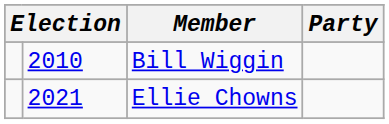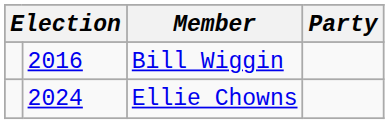 <table class="wikitable">
 <tr>
 <th colspan="2"><em>Election</em></th>
 <th><em>Member</em></th>
 <th><em>Party</em></th>
 </tr>
 <tr>
 <td style="color:inherit;background-color: "></td>
-<td><a href='#'>2010</a></td>
+<td><a href='#'>2016</a></td>
 <td><a href='#'>Bill Wiggin</a></td>
 <td></td>
 </tr>
 <tr>
 <td style="color:inherit;background-color: "></td>
-<td><a href='#'>2021</a></td>
+<td><a href='#'>2024</a></td>
 <td><a href='#'>Ellie Chowns</a></td>
 <td></td>
 </tr>
 </table>
